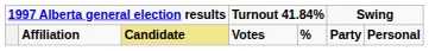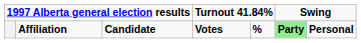 <table class="wikitable">
 <tr>
 <td colspan="3" align=center><strong><a href='#'>1997 Alberta general election</a> results</strong></td>
 <td colspan="2"><strong>Turnout 41.84%</strong></td>
 <td colspan="2" align=center><strong>Swing</strong></td>
 </tr>
 <tr>
 <th style="width: 10px;"></th>
 <td><strong>Affiliation</strong></td>
-<td style="background: khaki;"><strong>Candidate</strong></td>
+<td><strong>Candidate</strong></td>
 <td><strong>Votes</strong></td>
 <td><strong>%</strong></td>
-<td><strong>Party</strong></td>
+<td style="background: lightgreen;"><strong>Party</strong></td>
 <td><strong>Personal</strong><br>      </td>
 </tr>
 </table>
